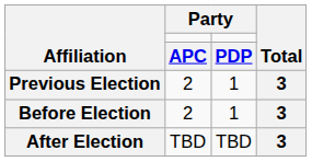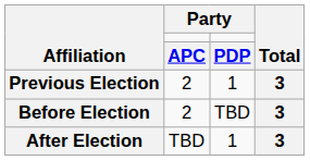 <table class=wikitable style="text-align:center">
 <tr style="vertical-align:bottom;">
 <th rowspan=3>Affiliation</th>
 <th colspan=2>Party</th>
 <th rowspan=3>Total</th>
 </tr>
 <tr>
 <td style="background-color:"></td>
 <td style="background-color:"></td>
 </tr>
 <tr>
 <th><a href='#'>APC</a></th>
 <th><a href='#'>PDP</a></th>
 </tr>
 <tr>
 <th>Previous Election</th>
 <td>2</td>
 <td>1</td>
 <th>3</th>
 </tr>
 <tr>
 <th>Before Election</th>
 <td>2</td>
-<td>1</td>
+<td>TBD</td>
 <th>3</th>
 </tr>
 <tr>
 <th>After Election</th>
 <td>TBD</td>
-<td>TBD</td>
+<td>1</td>
 <th>3</th>
 </tr>
 <tr>
 </tr>
 </table>
